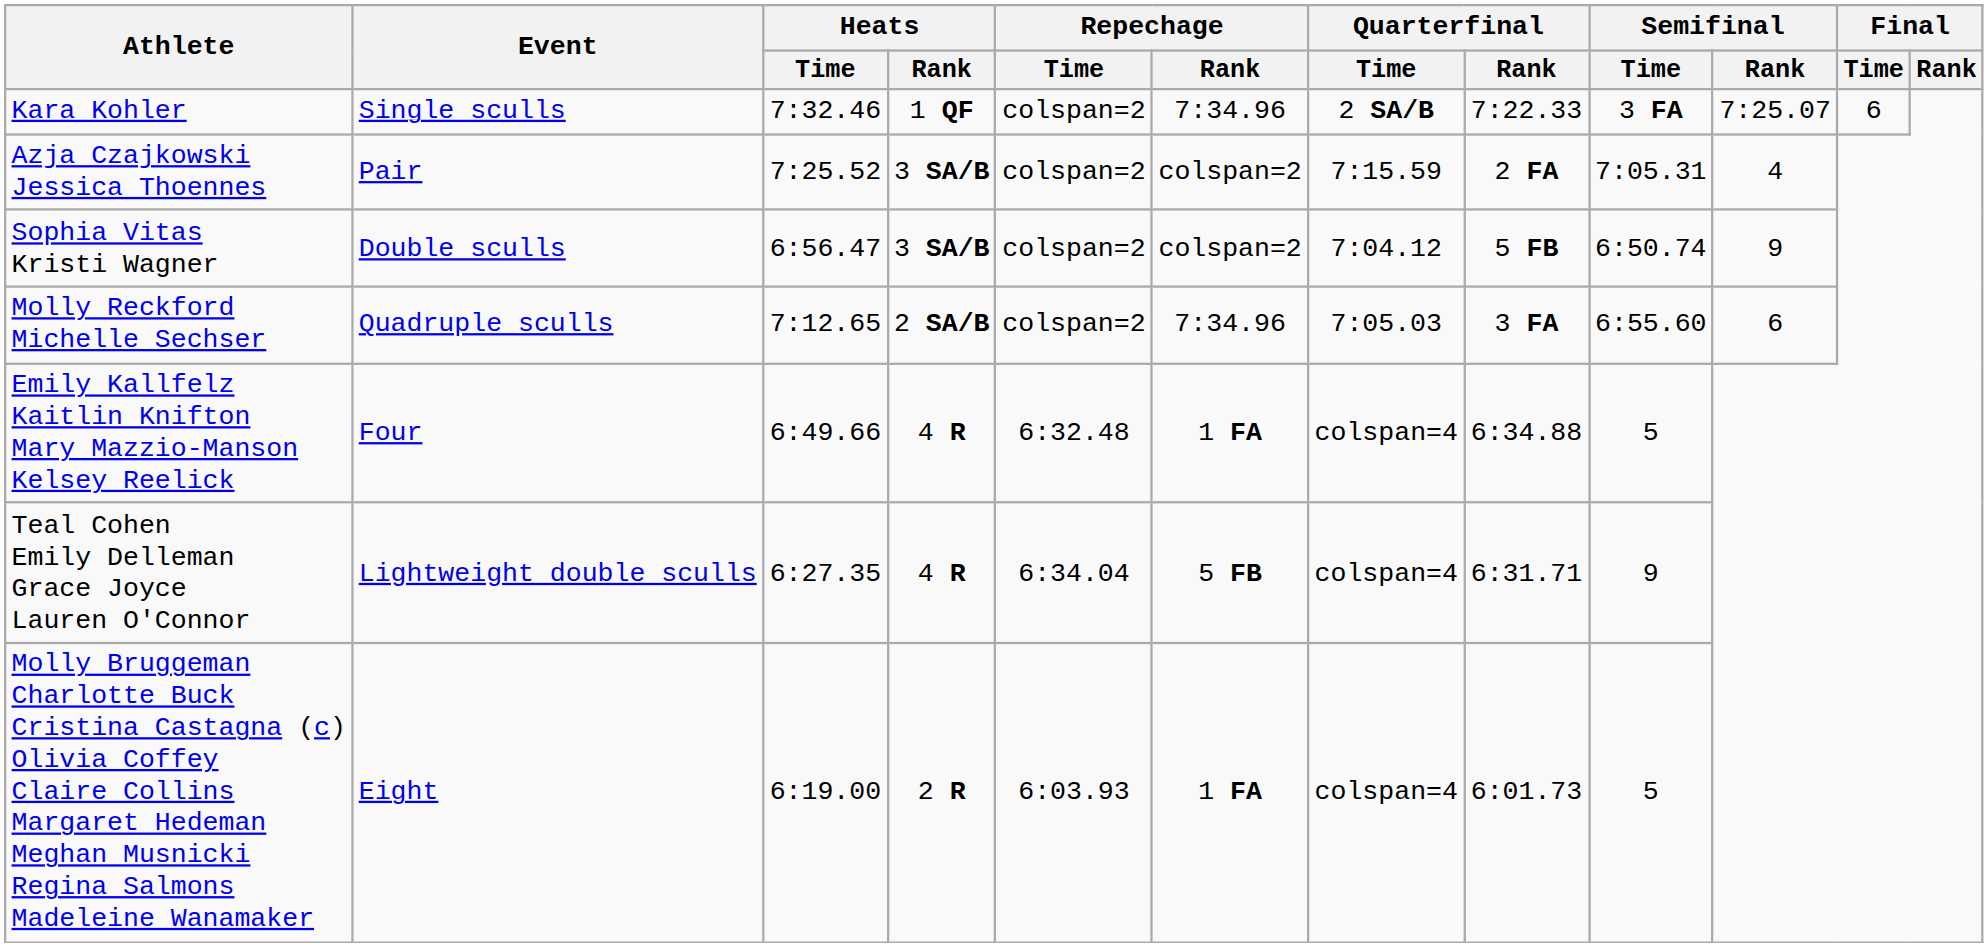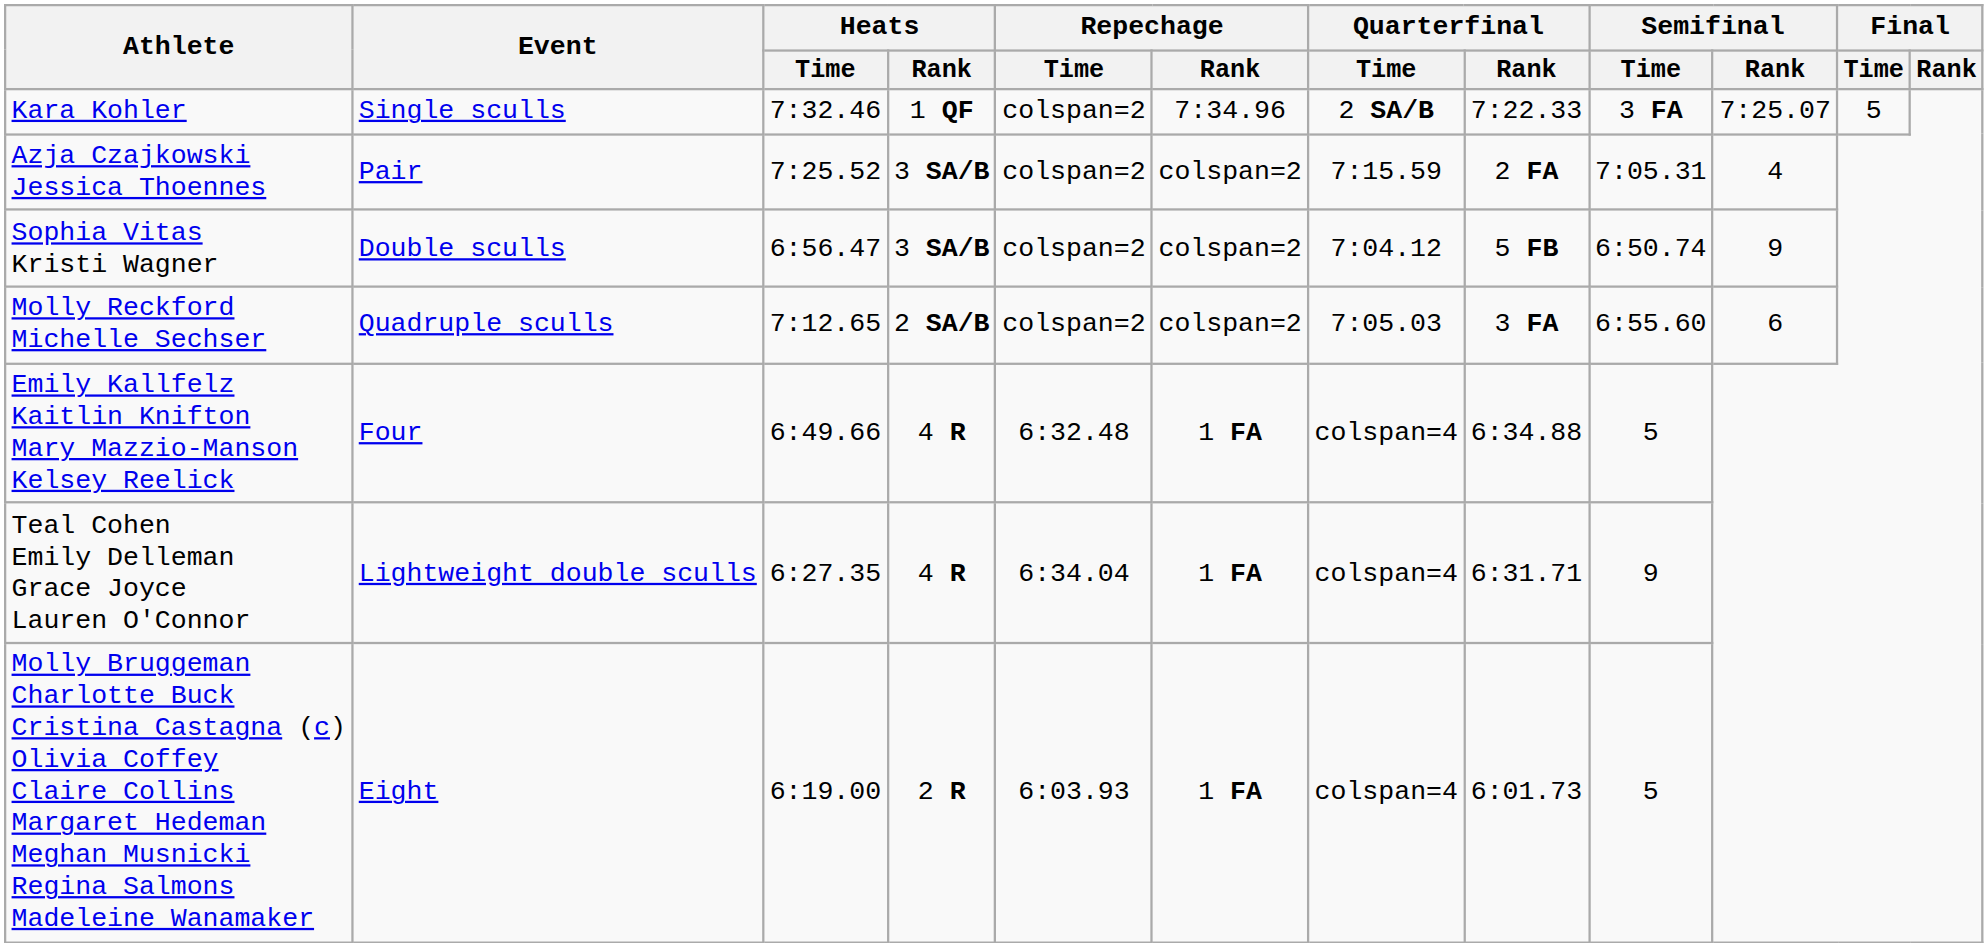 <table class=wikitable style=font-size:90%;text-align:center>
 <tr>
 <th rowspan=2>Athlete</th>
 <th rowspan=2>Event</th>
 <th colspan=2>Heats</th>
 <th colspan=2>Repechage</th>
 <th colspan=2>Quarterfinal</th>
 <th colspan=2>Semifinal</th>
 <th colspan=2>Final</th>
 </tr>
 <tr style=font-size:95%>
 <th>Time</th>
 <th>Rank</th>
 <th>Time</th>
 <th>Rank</th>
 <th>Time</th>
 <th>Rank</th>
 <th>Time</th>
 <th>Rank</th>
 <th>Time</th>
 <th>Rank</th>
 </tr>
 <tr>
 <td align=left><a href='#'>Kara Kohler</a></td>
 <td align=left><a href='#'>Single sculls</a></td>
 <td>7:32.46</td>
 <td>1 <strong>QF</strong></td>
 <td>colspan=2 </td>
 <td>7:34.96</td>
 <td>2 <strong>SA/B</strong></td>
 <td>7:22.33</td>
 <td>3 <strong>FA</strong></td>
 <td>7:25.07</td>
-<td>6</td>
+<td>5</td>
 </tr>
 <tr>
 <td align=left><a href='#'>Azja Czajkowski</a><br><a href='#'>Jessica Thoennes</a></td>
 <td align=left><a href='#'>Pair</a></td>
 <td>7:25.52</td>
 <td>3 <strong>SA/B</strong></td>
 <td>colspan=2 </td>
 <td>colspan=2 </td>
 <td>7:15.59</td>
 <td>2 <strong>FA</strong></td>
 <td>7:05.31</td>
 <td>4</td>
 </tr>
 <tr>
 <td align=left><a href='#'>Sophia Vitas</a><br>Kristi Wagner</td>
 <td align=left><a href='#'>Double sculls</a></td>
 <td>6:56.47</td>
 <td>3 <strong>SA/B</strong></td>
 <td>colspan=2 </td>
 <td>colspan=2 </td>
 <td>7:04.12</td>
 <td>5 <strong>FB</strong></td>
 <td>6:50.74</td>
 <td>9</td>
 </tr>
 <tr>
 <td align=left><a href='#'>Molly Reckford</a><br><a href='#'>Michelle Sechser</a></td>
 <td align=left><a href='#'>Quadruple sculls</a></td>
 <td>7:12.65</td>
 <td>2 <strong>SA/B</strong></td>
 <td>colspan=2 </td>
-<td>7:34.96</td>
+<td>colspan=2 </td>
 <td>7:05.03</td>
 <td>3 <strong>FA</strong></td>
 <td>6:55.60</td>
 <td>6</td>
 </tr>
 <tr>
 <td align=left><a href='#'>Emily Kallfelz</a><br><a href='#'>Kaitlin Knifton</a><br><a href='#'>Mary Mazzio-Manson</a><br><a href='#'>Kelsey Reelick</a></td>
 <td align=left><a href='#'>Four</a></td>
 <td>6:49.66</td>
 <td>4 <strong>R</strong></td>
 <td>6:32.48</td>
 <td>1 <strong>FA</strong></td>
 <td>colspan=4 </td>
 <td>6:34.88</td>
 <td>5</td>
 </tr>
 <tr>
 <td align=left>Teal Cohen<br>Emily Delleman<br>Grace Joyce<br>Lauren O'Connor</td>
 <td align=left><a href='#'>Lightweight double sculls</a></td>
 <td>6:27.35</td>
 <td>4 <strong>R</strong></td>
 <td>6:34.04</td>
-<td>5 <strong>FB</strong></td>
+<td>1 <strong>FA</strong></td>
 <td>colspan=4 </td>
 <td>6:31.71</td>
 <td>9</td>
 </tr>
 <tr>
 <td align=left><a href='#'>Molly Bruggeman</a><br><a href='#'>Charlotte Buck</a><br><a href='#'>Cristina Castagna</a> (<a href='#'>c</a>)<br><a href='#'>Olivia Coffey</a><br><a href='#'>Claire Collins</a><br><a href='#'>Margaret Hedeman</a><br><a href='#'>Meghan Musnicki</a><br><a href='#'>Regina Salmons</a><br><a href='#'>Madeleine Wanamaker</a></td>
 <td align=left><a href='#'>Eight</a></td>
 <td>6:19.00</td>
 <td>2 <strong>R</strong></td>
 <td>6:03.93</td>
 <td>1 <strong>FA</strong></td>
 <td>colspan=4 </td>
 <td>6:01.73</td>
 <td>5</td>
 </tr>
 </table>
